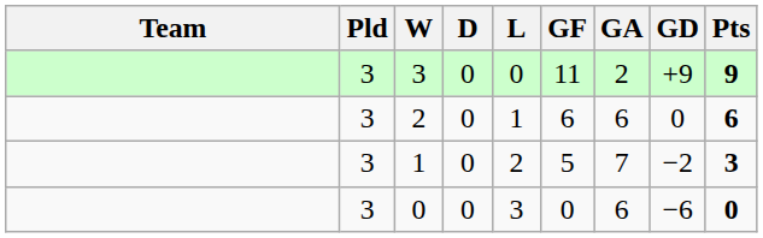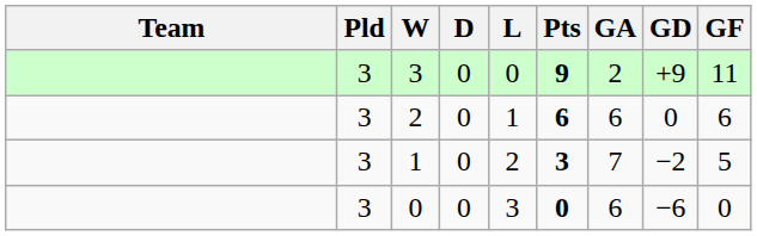 <table class="wikitable" style="text-align:center;">
 <tr>
 <th width=180>Team</th>
 <th width=20>Pld</th>
 <th width=20>W</th>
 <th width=20>D</th>
 <th width=20>L</th>
-<th width=20>GF</th>
+<th width=20>Pts</th>
 <th width=20>GA</th>
 <th width=20>GD</th>
-<th width=20>Pts</th>
+<th width=20>GF</th>
 </tr>
 <tr bgcolor=ccffcc>
 <td align="left"></td>
 <td>3</td>
 <td>3</td>
 <td>0</td>
 <td>0</td>
-<td>11</td>
+<td><strong>9</strong></td>
 <td>2</td>
 <td>+9</td>
-<td><strong>9</strong></td>
+<td>11</td>
 </tr>
 <tr>
 <td align="left"></td>
 <td>3</td>
 <td>2</td>
 <td>0</td>
 <td>1</td>
-<td>6</td>
+<td><strong>6</strong></td>
 <td>6</td>
 <td>0</td>
-<td><strong>6</strong></td>
+<td>6</td>
 </tr>
 <tr>
 <td align="left"></td>
 <td>3</td>
 <td>1</td>
 <td>0</td>
 <td>2</td>
-<td>5</td>
+<td><strong>3</strong></td>
 <td>7</td>
 <td>−2</td>
-<td><strong>3</strong></td>
+<td>5</td>
 </tr>
 <tr>
 <td align="left"><em></em></td>
 <td>3</td>
 <td>0</td>
 <td>0</td>
 <td>3</td>
-<td>0</td>
+<td><strong>0</strong></td>
 <td>6</td>
 <td>−6</td>
-<td><strong>0</strong></td>
+<td>0</td>
 </tr>
 </table>
